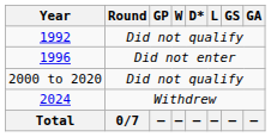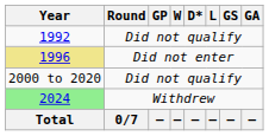 <table class="wikitable" style="text-align: center;">
 <tr>
 <th>Year</th>
 <th>Round</th>
 <th>GP</th>
 <th>W</th>
 <th>D*</th>
 <th>L</th>
 <th>GS</th>
 <th>GA</th>
 </tr>
 <tr>
 <td> <a href='#'>1992</a></td>
 <td colspan=7><em>Did not qualify</em></td>
 </tr>
 <tr>
-<td> <a href='#'>1996</a></td>
+<td style="background: khaki;"> <a href='#'>1996</a></td>
 <td colspan=7><em>Did not enter</em></td>
 </tr>
 <tr>
 <td>2000 to 2020</td>
 <td colspan=7><em>Did not qualify</em></td>
 </tr>
 <tr>
-<td> <a href='#'>2024</a></td>
+<td style="background: lightgreen;"> <a href='#'>2024</a></td>
 <td colspan=7><em>Withdrew</em></td>
 </tr>
 <tr>
 <th><strong>Total</strong></th>
 <th><strong>0/7</strong></th>
 <th><strong>–</strong></th>
 <th><strong>–</strong></th>
 <th><strong>–</strong></th>
 <th><strong>–</strong></th>
 <th><strong>–</strong></th>
 <th><strong>–</strong></th>
 </tr>
 </table>
